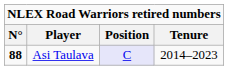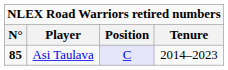 <table class="wikitable sortable" style="text-align:center">
 <tr>
 <td colspan="4"><strong>NLEX Road Warriors retired numbers</strong></td>
 </tr>
 <tr>
 <th>N°</th>
 <th>Player</th>
 <th>Position</th>
 <th>Tenure</th>
 </tr>
 <tr>
-<td><strong>88</strong></td>
+<td><strong>85</strong></td>
 <td><a href='#'>Asi Taulava</a></td>
 <td style="background: lavender;"><a href='#'>C</a></td>
 <td>2014–2023</td>
 </tr>
 </table>
